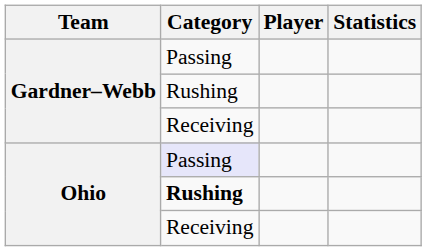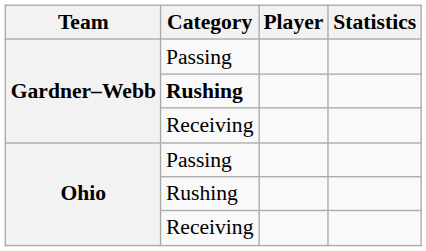 <table class="wikitable" style="float:right">
 <tr>
 <th>Team</th>
 <th>Category</th>
 <th>Player</th>
 <th>Statistics</th>
 </tr>
 <tr>
 <th rowspan=3>Gardner–Webb</th>
 <td>Passing</td>
 <td></td>
 <td></td>
 </tr>
 <tr>
-<td>Rushing</td>
+<td><strong>Rushing</strong></td>
 <td></td>
 <td></td>
 </tr>
 <tr>
 <td>Receiving</td>
 <td></td>
 <td></td>
 </tr>
 <tr>
 <th rowspan=3>Ohio</th>
-<td style="background: lavender;">Passing</td>
+<td>Passing</td>
 <td></td>
 <td></td>
 </tr>
 <tr>
-<td><strong>Rushing</strong></td>
+<td>Rushing</td>
 <td></td>
 <td></td>
 </tr>
 <tr>
 <td>Receiving</td>
 <td></td>
 <td></td>
 </tr>
 </table>
